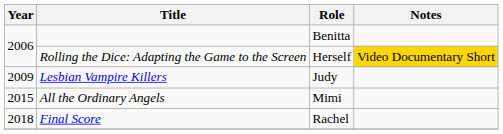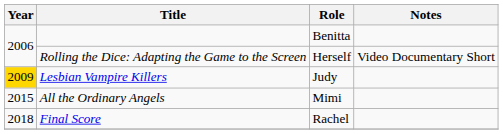 <table class="wikitable sortable">
 <tr>
 <th>Year</th>
 <th>Title</th>
 <th>Role</th>
 <th>Notes</th>
 </tr>
 <tr>
 <td rowspan="2">2006</td>
 <td><em></em></td>
 <td>Benitta</td>
 <td></td>
 </tr>
 <tr>
 <td><em>Rolling the Dice: Adapting the Game to the Screen</em></td>
 <td>Herself</td>
-<td style="background: gold;">Video Documentary Short</td>
+<td>Video Documentary Short</td>
 </tr>
 <tr>
-<td>2009</td>
+<td style="background: gold;">2009</td>
 <td><em><a href='#'>Lesbian Vampire Killers</a></em></td>
 <td>Judy</td>
 <td></td>
 </tr>
 <tr>
 <td>2015</td>
 <td><em>All the Ordinary Angels</em></td>
 <td>Mimi</td>
 <td></td>
 </tr>
 <tr>
 <td>2018</td>
 <td><em><a href='#'>Final Score</a></em></td>
 <td>Rachel</td>
 <td></td>
 </tr>
 <tr>
 </tr>
 </table>
